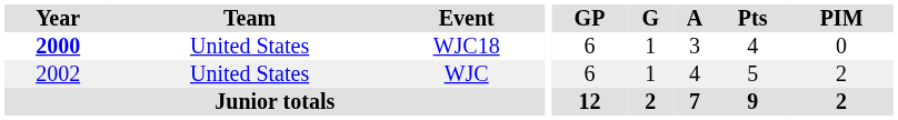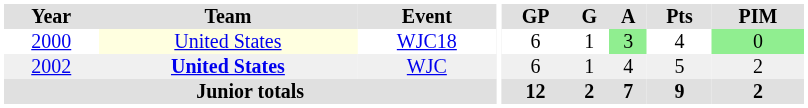 <table border="0" cellpadding="1" cellspacing="0" ID="Table3" style="text-align:center; width:40em">
 <tr ALIGN="center" bgcolor="#e0e0e0">
 <th>Year</th>
 <th>Team</th>
 <th>Event</th>
 <th rowspan="99" bgcolor="#ffffff"></th>
 <th>GP</th>
 <th>G</th>
 <th>A</th>
 <th>Pts</th>
 <th>PIM</th>
 </tr>
 <tr>
-<td><strong><a href='#'>2000</a></strong></td>
-<td><a href='#'>United States</a></td>
+<td><a href='#'>2000</a></td>
+<td style="background: lightyellow;"><a href='#'>United States</a></td>
 <td><a href='#'>WJC18</a></td>
 <td>6</td>
 <td>1</td>
-<td>3</td>
+<td style="background: lightgreen;">3</td>
 <td>4</td>
-<td>0</td>
+<td style="background: lightgreen;">0</td>
 </tr>
 <tr bgcolor="#f0f0f0">
 <td><a href='#'>2002</a></td>
-<td><a href='#'>United States</a></td>
+<td><strong><a href='#'>United States</a></strong></td>
 <td><a href='#'>WJC</a></td>
 <td>6</td>
 <td>1</td>
 <td>4</td>
 <td>5</td>
 <td>2</td>
 </tr>
 <tr bgcolor="#e0e0e0">
 <th colspan="3">Junior totals</th>
 <th>12</th>
 <th>2</th>
 <th>7</th>
 <th>9</th>
 <th>2</th>
 </tr>
 </table>
